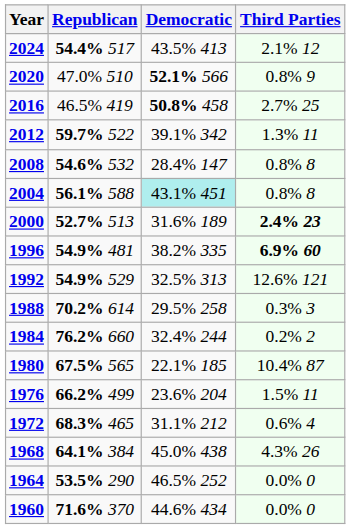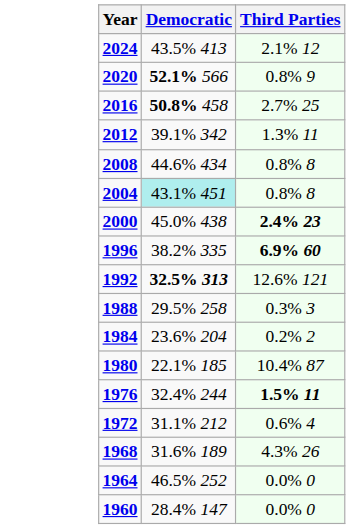 <table class="wikitable" style="float:right; font-size:95%;">
 <tr bgcolor=lightgrey>
 <th>Year</th>
-<th><a href='#'>Republican</a></th>
 <th><a href='#'>Democratic</a></th>
 <th><a href='#'>Third Parties</a></th>
 </tr>
 <tr>
 <td style="text-align:center; "><strong><a href='#'>2024</a></strong></td>
-<td style="text-align:center; "><strong>54.4%</strong> <em>517</em></td>
 <td style="text-align:center; ">43.5% <em>413</em></td>
 <td style="text-align:center; background:honeyDew;">2.1% <em>12</em></td>
 </tr>
 <tr>
 <td style="text-align:center; "><strong><a href='#'>2020</a></strong></td>
-<td style="text-align:center; ">47.0% <em>510</em></td>
 <td style="text-align:center; "><strong>52.1%</strong> <em>566</em></td>
 <td style="text-align:center; background:honeyDew;">0.8% <em>9</em></td>
 </tr>
 <tr>
 <td style="text-align:center; "><strong><a href='#'>2016</a></strong></td>
-<td style="text-align:center; ">46.5% <em>419</em></td>
 <td style="text-align:center; "><strong>50.8%</strong>  <em>458</em></td>
 <td style="text-align:center; background:honeyDew;">2.7% <em>25</em></td>
 </tr>
 <tr>
 <td style="text-align:center; "><strong><a href='#'>2012</a></strong></td>
-<td style="text-align:center; "><strong>59.7%</strong> <em>522</em></td>
 <td style="text-align:center; ">39.1%  <em>342</em></td>
 <td style="text-align:center; background:honeyDew;">1.3% <em>11</em></td>
 </tr>
 <tr>
 <td style="text-align:center; "><strong><a href='#'>2008</a></strong></td>
-<td style="text-align:center; "><strong>54.6%</strong> <em>532</em></td>
-<td style="text-align:center; ">28.4%  <em>147</em></td>
+<td style="text-align:center; ">44.6%  <em>434</em></td>
 <td style="text-align:center; background:honeyDew;">0.8% <em>8</em></td>
 </tr>
 <tr>
 <td style="text-align:center; "><strong><a href='#'>2004</a></strong></td>
-<td style="text-align:center; "><strong>56.1%</strong> <em>588</em></td>
 <td style="background: paleturquoise; text-align:center; ">43.1%  <em>451</em></td>
 <td style="text-align:center; background:honeyDew;">0.8% <em>8</em></td>
 </tr>
 <tr>
 <td style="text-align:center; "><strong><a href='#'>2000</a></strong></td>
-<td style="text-align:center; "><strong>52.7%</strong> <em>513</em></td>
-<td style="text-align:center; ">31.6%  <em>189</em></td>
+<td style="text-align:center; ">45.0%  <em>438</em></td>
 <td style="text-align:center; background:honeyDew;"><strong>2.4% <em>23</em></strong></td>
 </tr>
 <tr>
 <td style="text-align:center; "><strong><a href='#'>1996</a></strong></td>
-<td style="text-align:center; "><strong>54.9%</strong> <em>481</em></td>
 <td style="text-align:center; ">38.2%  <em>335</em></td>
 <td style="text-align:center; background:honeyDew;"><strong>6.9% <em>60</em></strong></td>
 </tr>
 <tr>
 <td style="text-align:center; "><strong><a href='#'>1992</a></strong></td>
-<td style="text-align:center; "><strong>54.9%</strong> <em>529</em></td>
-<td style="text-align:center; ">32.5%  <em>313</em></td>
+<td style="text-align:center; "><strong>32.5%  <em>313</em></strong></td>
 <td style="text-align:center; background:honeyDew;">12.6% <em>121</em></td>
 </tr>
 <tr>
 <td style="text-align:center; "><strong><a href='#'>1988</a></strong></td>
-<td style="text-align:center; "><strong>70.2%</strong> <em>614</em></td>
 <td style="text-align:center; ">29.5%  <em>258</em></td>
 <td style="text-align:center; background:honeyDew;">0.3% <em>3</em></td>
 </tr>
 <tr>
 <td style="text-align:center; "><strong><a href='#'>1984</a></strong></td>
-<td style="text-align:center; "><strong>76.2%</strong> <em>660</em></td>
-<td style="text-align:center; ">32.4%  <em>244</em></td>
+<td style="text-align:center; ">23.6%  <em>204</em></td>
 <td style="text-align:center; background:honeyDew;">0.2% <em>2</em></td>
 </tr>
 <tr>
 <td style="text-align:center; "><strong><a href='#'>1980</a></strong></td>
-<td style="text-align:center; "><strong>67.5%</strong> <em>565</em></td>
 <td style="text-align:center; ">22.1%  <em>185</em></td>
 <td style="text-align:center; background:honeyDew;">10.4% <em>87</em></td>
 </tr>
 <tr>
 <td style="text-align:center; "><strong><a href='#'>1976</a></strong></td>
-<td style="text-align:center; "><strong>66.2%</strong> <em>499</em></td>
-<td style="text-align:center; ">23.6%  <em>204</em></td>
-<td style="text-align:center; background:honeyDew;">1.5% <em>11</em></td>
+<td style="text-align:center; ">32.4%  <em>244</em></td>
+<td style="text-align:center; background:honeyDew;"><strong>1.5% <em>11</em></strong></td>
 </tr>
 <tr>
 <td style="text-align:center; "><strong><a href='#'>1972</a></strong></td>
-<td style="text-align:center; "><strong>68.3%</strong> <em>465</em></td>
 <td style="text-align:center; ">31.1%  <em>212</em></td>
 <td style="text-align:center; background:honeyDew;">0.6% <em>4</em></td>
 </tr>
 <tr>
 <td style="text-align:center; "><strong><a href='#'>1968</a></strong></td>
-<td style="text-align:center; "><strong>64.1%</strong> <em>384</em></td>
-<td style="text-align:center; ">45.0%  <em>438</em></td>
+<td style="text-align:center; ">31.6%  <em>189</em></td>
 <td style="text-align:center; background:honeyDew;">4.3% <em>26</em></td>
 </tr>
 <tr>
 <td style="text-align:center; "><strong><a href='#'>1964</a></strong></td>
-<td style="text-align:center; "><strong>53.5%</strong> <em>290</em></td>
 <td style="text-align:center; ">46.5%  <em>252</em></td>
 <td style="text-align:center; background:honeyDew;">0.0% <em>0</em></td>
 </tr>
 <tr>
 <td style="text-align:center; "><strong><a href='#'>1960</a></strong></td>
-<td style="text-align:center; "><strong>71.6%</strong> <em>370</em></td>
-<td style="text-align:center; ">44.6%  <em>434</em></td>
+<td style="text-align:center; ">28.4%  <em>147</em></td>
 <td style="text-align:center; background:honeyDew;">0.0% <em>0</em></td>
 </tr>
 </table>
